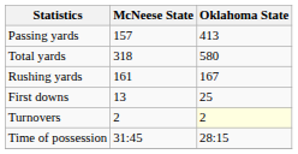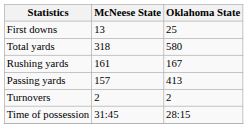 <table class="wikitable">
 <tr>
 <th>Statistics</th>
 <th>McNeese State</th>
 <th>Oklahoma State</th>
 </tr>
 <tr>
-<td>Passing yards</td>
-<td>157</td>
-<td>413</td>
+<td>First downs</td>
+<td>13</td>
+<td>25</td>
 </tr>
 <tr>
 <td>Total yards</td>
 <td>318</td>
 <td>580</td>
 </tr>
 <tr>
 <td>Rushing yards</td>
 <td>161</td>
 <td>167</td>
 </tr>
 <tr>
-<td>First downs</td>
-<td>13</td>
-<td>25</td>
+<td>Passing yards</td>
+<td>157</td>
+<td>413</td>
 </tr>
 <tr>
 <td>Turnovers</td>
 <td>2</td>
-<td style="background: lightyellow;">2</td>
+<td>2</td>
 </tr>
 <tr>
 <td>Time of possession</td>
 <td>31:45</td>
 <td>28:15</td>
 </tr>
 <tr>
 </tr>
 </table>
